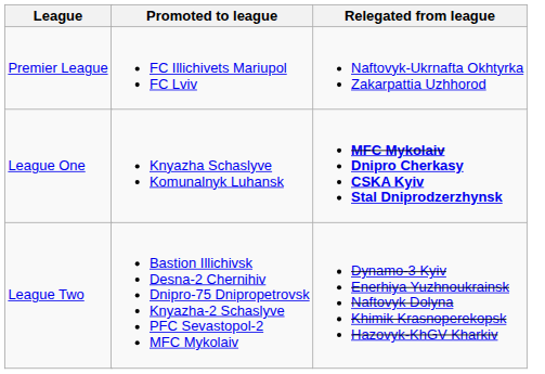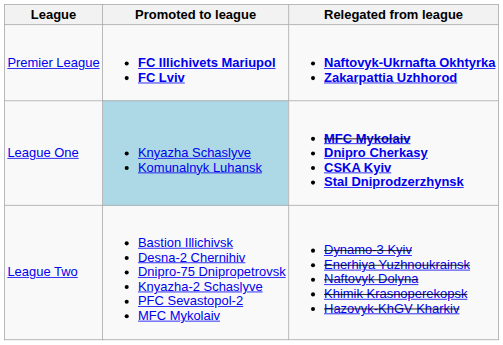 <table class="wikitable">
 <tr>
 <th colspan=2>League</th>
 <th>Promoted to league</th>
 <th>Relegated from league</th>
 </tr>
 <tr>
 <td colspan=2><a href='#'>Premier League</a></td>
-<td><br><ul><li><a href='#'>FC Illichivets Mariupol</a></li><li><a href='#'>FC Lviv</a></li></ul></td>
-<td><br><ul><li><a href='#'>Naftovyk-Ukrnafta Okhtyrka</a></li><li><a href='#'>Zakarpattia Uzhhorod</a></li></ul></td>
+<td><strong><br><ul><li><a href='#'>FC Illichivets Mariupol</a></li><li><a href='#'>FC Lviv</a></li></ul></strong></td>
+<td><strong><br><ul><li><a href='#'>Naftovyk-Ukrnafta Okhtyrka</a></li><li><a href='#'>Zakarpattia Uzhhorod</a></li></ul></strong></td>
 </tr>
 <tr>
 <td colspan=2><a href='#'>League One</a></td>
-<td><br><ul><li><a href='#'>Knyazha Schaslyve</a></li><li><a href='#'>Komunalnyk Luhansk</a></li></ul></td>
+<td style="background: lightblue;"><br><ul><li><a href='#'>Knyazha Schaslyve</a></li><li><a href='#'>Komunalnyk Luhansk</a></li></ul></td>
 <td><strong><br><ul><li><del><a href='#'>MFC Mykolaiv</a></del></li><li><a href='#'>Dnipro Cherkasy</a></li><li><a href='#'>CSKA Kyiv</a></li><li><a href='#'>Stal Dniprodzerzhynsk</a></li></ul></strong></td>
 </tr>
 <tr>
 <td colspan=2><a href='#'>League Two</a></td>
 <td><br><ul><li><a href='#'>Bastion Illichivsk</a></li><li><a href='#'>Desna-2 Chernihiv</a></li><li><a href='#'>Dnipro-75 Dnipropetrovsk</a></li><li><a href='#'>Knyazha-2 Schaslyve</a></li><li><a href='#'>PFC Sevastopol-2</a></li><li><a href='#'>MFC Mykolaiv</a> </li></ul></td>
 <td><br><ul><li><del><a href='#'>Dynamo-3 Kyiv</a></del></li><li><del><a href='#'>Enerhiya Yuzhnoukrainsk</a></del></li><li><del><a href='#'>Naftovyk Dolyna</a></del></li><li><del><a href='#'>Khimik Krasnoperekopsk</a></del></li><li><del><a href='#'>Hazovyk-KhGV Kharkiv</a></del></li></ul></td>
 </tr>
 </table>
